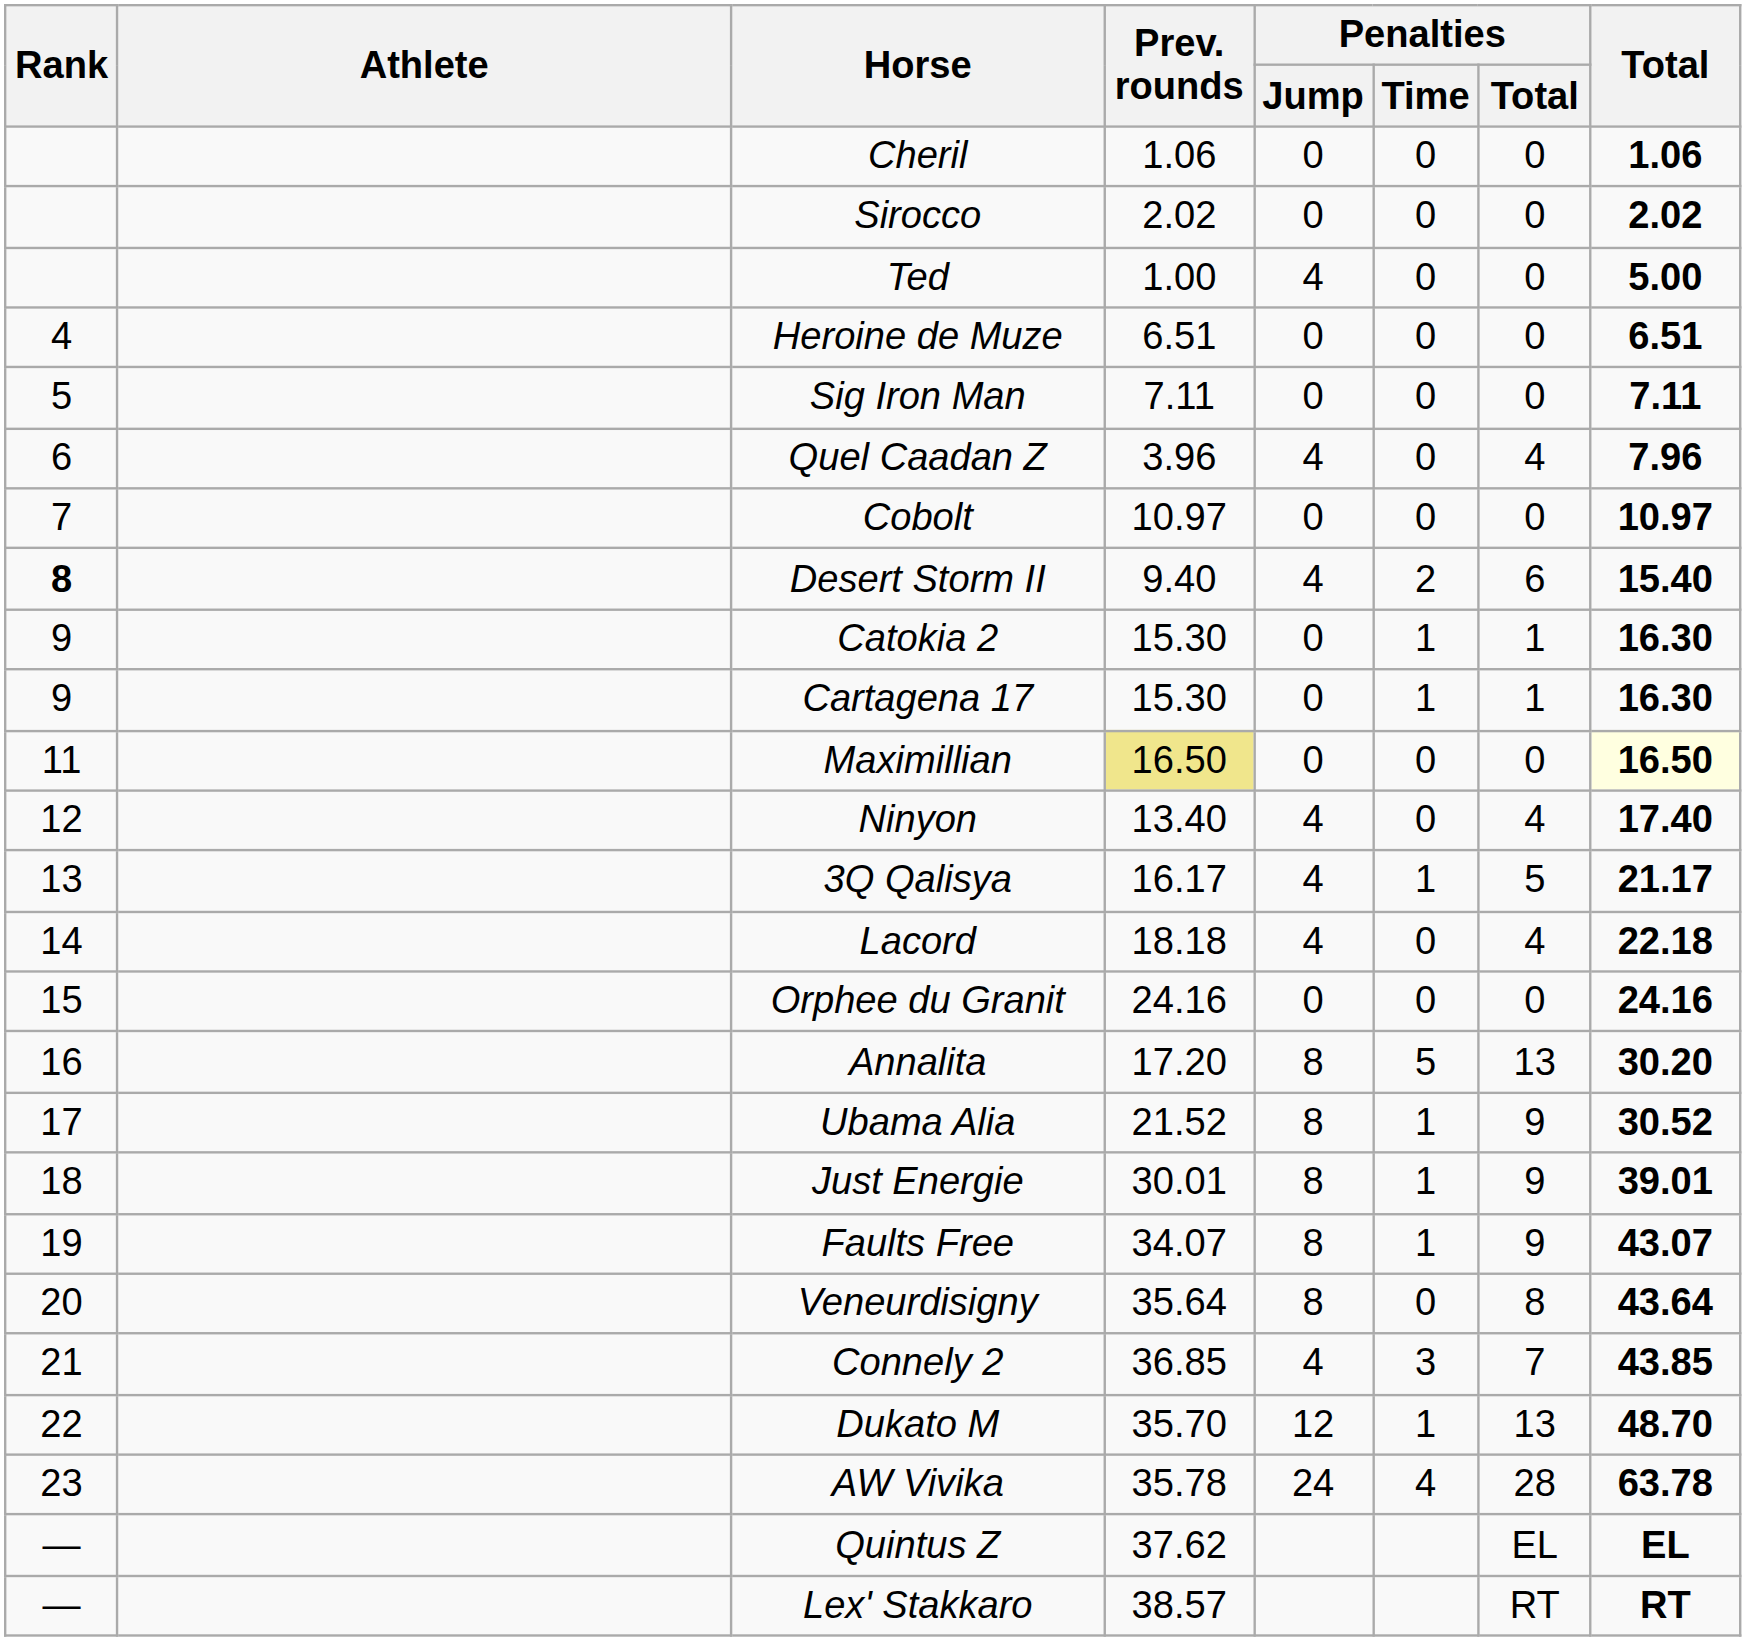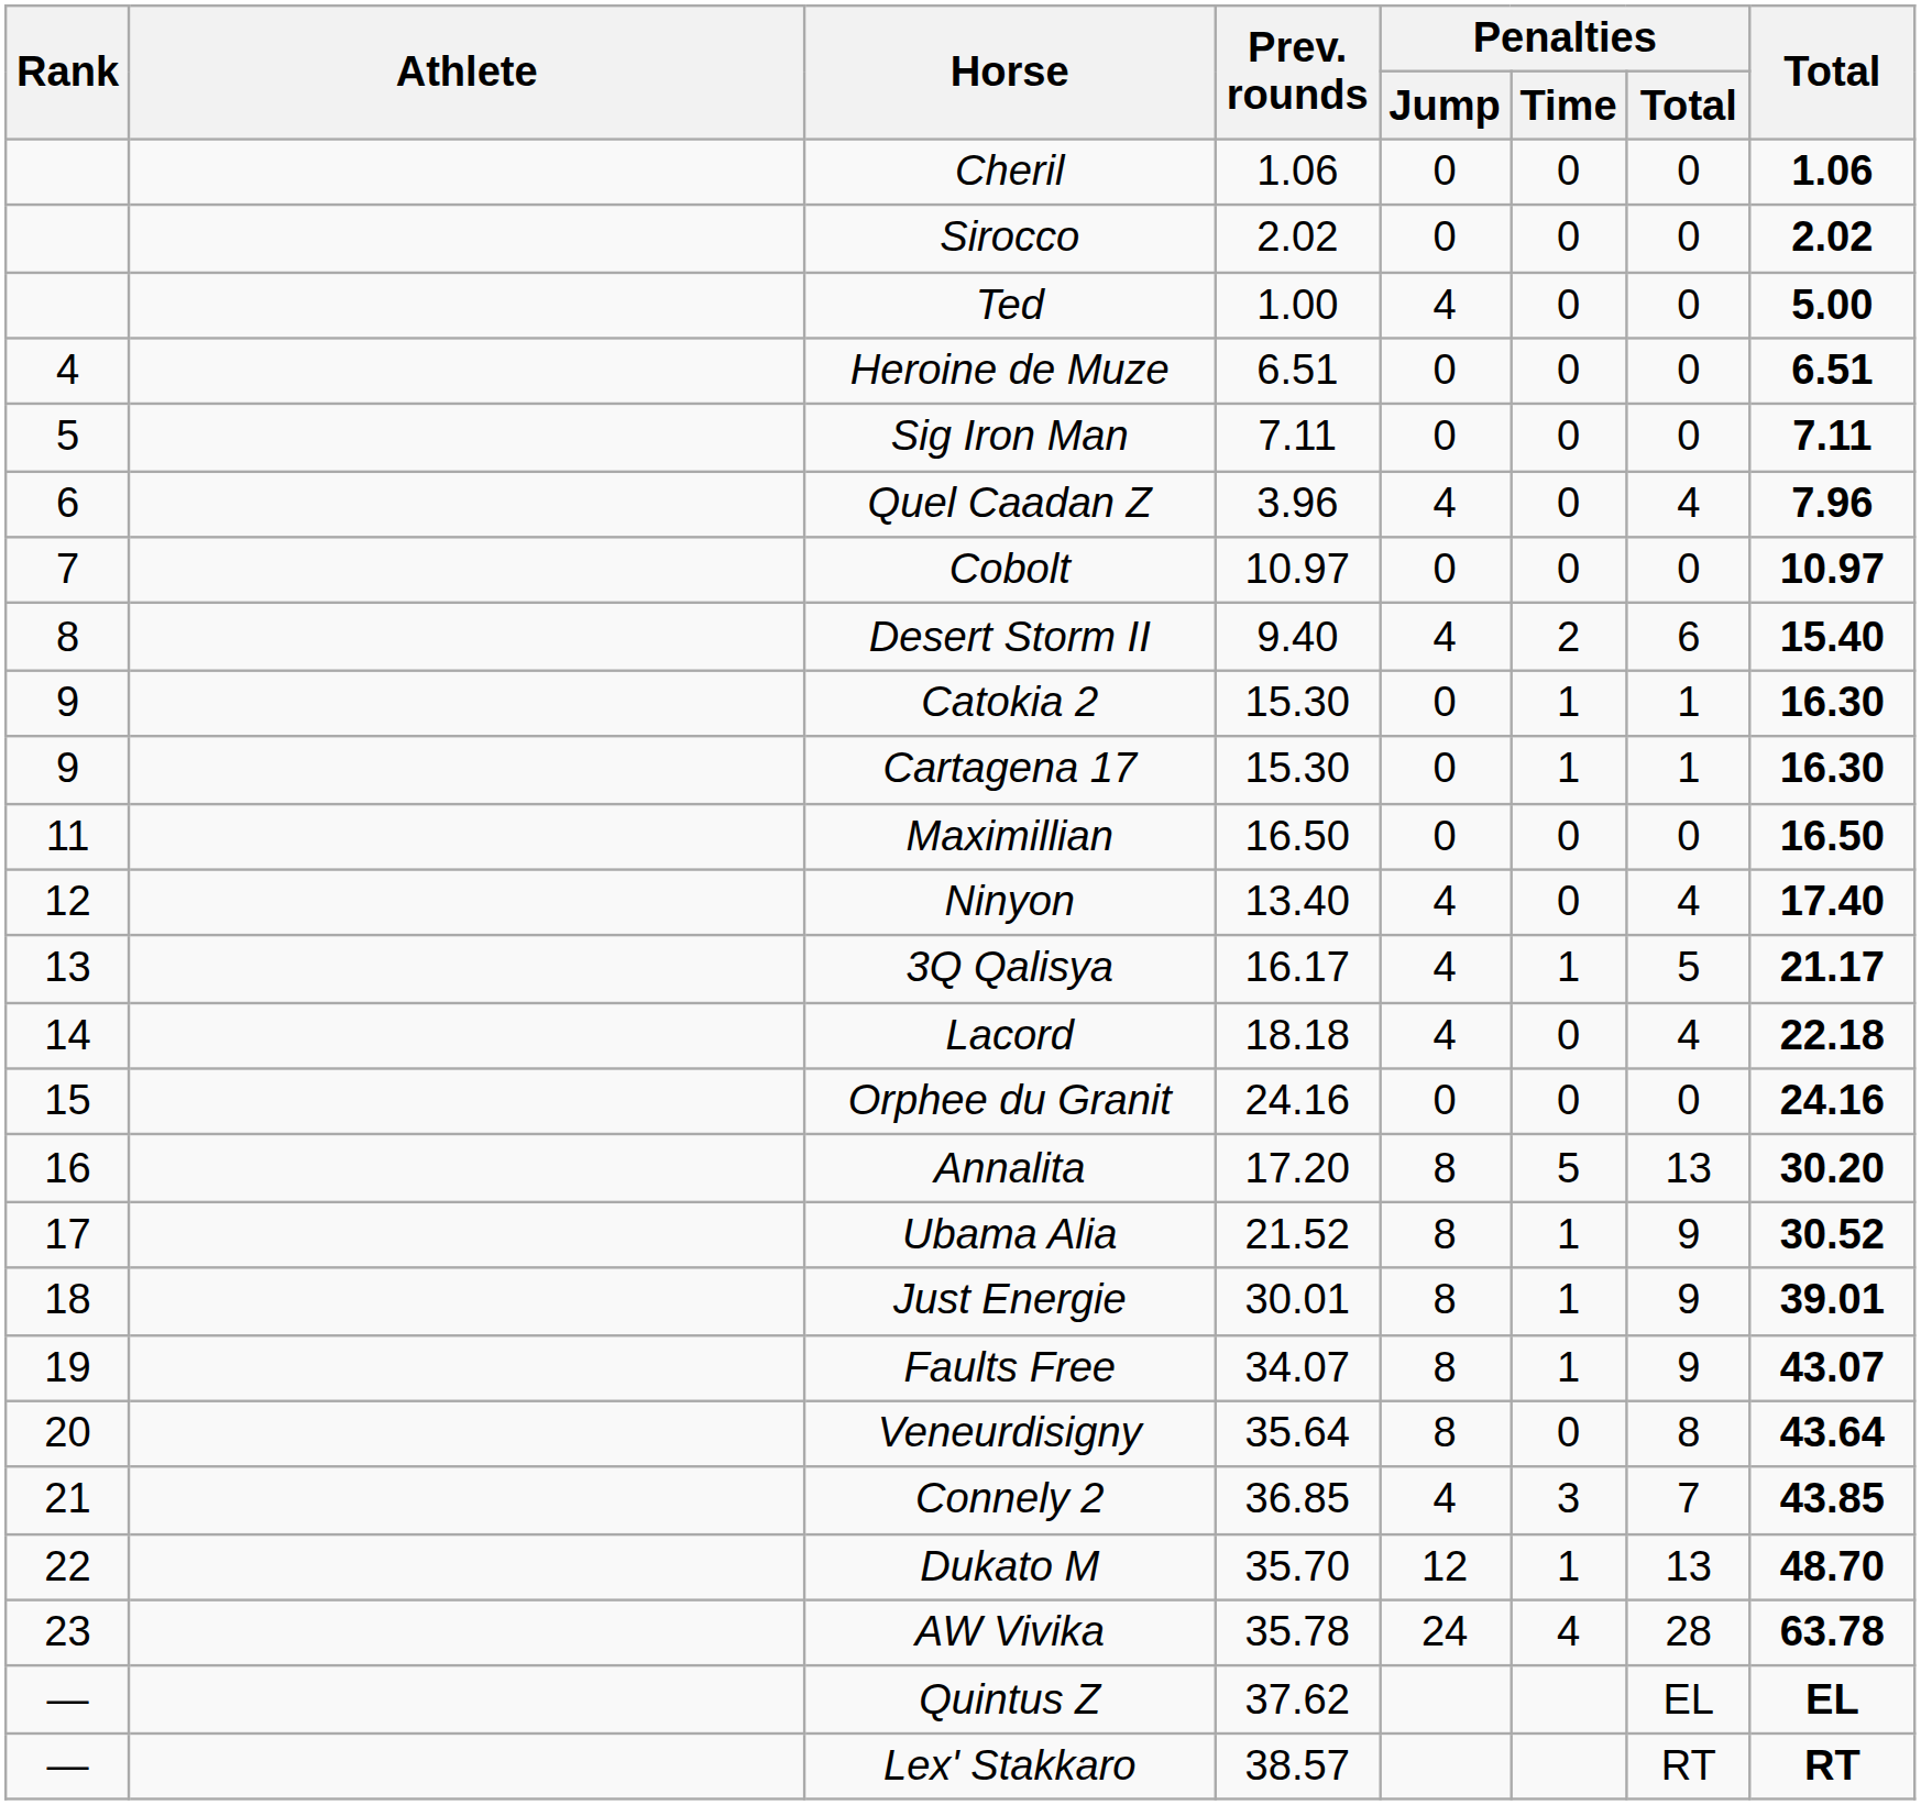 <table class="wikitable" style="text-align:center">
 <tr>
 <th rowspan=2 width=40>Rank</th>
 <th rowspan=2 width=250>Athlete</th>
 <th rowspan=2 width=150>Horse</th>
 <th rowspan=2 width=55>Prev. rounds</th>
 <th colspan=3>Penalties</th>
 <th rowspan=2 width=55>Total</th>
 </tr>
 <tr>
 <th width=35>Jump</th>
 <th width=35>Time</th>
 <th width=40>Total</th>
 </tr>
 <tr>
 <td></td>
 <td align=left></td>
 <td><em>Cheril</em></td>
 <td>1.06</td>
 <td>0</td>
 <td>0</td>
 <td>0</td>
 <td><strong>1.06</strong></td>
 </tr>
 <tr>
 <td></td>
 <td align=left></td>
 <td><em>Sirocco</em></td>
 <td>2.02</td>
 <td>0</td>
 <td>0</td>
 <td>0</td>
 <td><strong>2.02</strong></td>
 </tr>
 <tr>
 <td></td>
 <td align=left></td>
 <td><em>Ted</em></td>
 <td>1.00</td>
 <td>4</td>
 <td>0</td>
 <td>0</td>
 <td><strong>5.00</strong></td>
 </tr>
 <tr>
 <td>4</td>
 <td align=left></td>
 <td><em>Heroine de Muze</em></td>
 <td>6.51</td>
 <td>0</td>
 <td>0</td>
 <td>0</td>
 <td><strong>6.51</strong></td>
 </tr>
 <tr>
 <td>5</td>
 <td align=left></td>
 <td><em>Sig Iron Man</em></td>
 <td>7.11</td>
 <td>0</td>
 <td>0</td>
 <td>0</td>
 <td><strong>7.11</strong></td>
 </tr>
 <tr>
 <td>6</td>
 <td align=left></td>
 <td><em>Quel Caadan Z</em></td>
 <td>3.96</td>
 <td>4</td>
 <td>0</td>
 <td>4</td>
 <td><strong>7.96</strong></td>
 </tr>
 <tr>
 <td>7</td>
 <td align=left></td>
 <td><em>Cobolt</em></td>
 <td>10.97</td>
 <td>0</td>
 <td>0</td>
 <td>0</td>
 <td><strong>10.97</strong></td>
 </tr>
 <tr>
-<td><strong>8</strong></td>
+<td>8</td>
 <td align=left></td>
 <td><em>Desert Storm II</em></td>
 <td>9.40</td>
 <td>4</td>
 <td>2</td>
 <td>6</td>
 <td><strong>15.40</strong></td>
 </tr>
 <tr>
 <td>9</td>
 <td align=left></td>
 <td><em>Catokia 2</em></td>
 <td>15.30</td>
 <td>0</td>
 <td>1</td>
 <td>1</td>
 <td><strong>16.30</strong></td>
 </tr>
 <tr>
 <td>9</td>
 <td align=left></td>
 <td><em>Cartagena 17</em></td>
 <td>15.30</td>
 <td>0</td>
 <td>1</td>
 <td>1</td>
 <td><strong>16.30</strong></td>
 </tr>
 <tr>
 <td>11</td>
 <td align=left></td>
 <td><em>Maximillian</em></td>
-<td style="background: khaki;">16.50</td>
+<td>16.50</td>
 <td>0</td>
 <td>0</td>
 <td>0</td>
-<td style="background: lightyellow;"><strong>16.50</strong></td>
+<td><strong>16.50</strong></td>
 </tr>
 <tr>
 <td>12</td>
 <td align=left></td>
 <td><em>Ninyon</em></td>
 <td>13.40</td>
 <td>4</td>
 <td>0</td>
 <td>4</td>
 <td><strong>17.40</strong></td>
 </tr>
 <tr>
 <td>13</td>
 <td align=left></td>
 <td><em>3Q Qalisya</em></td>
 <td>16.17</td>
 <td>4</td>
 <td>1</td>
 <td>5</td>
 <td><strong>21.17</strong></td>
 </tr>
 <tr>
 <td>14</td>
 <td align=left></td>
 <td><em>Lacord</em></td>
 <td>18.18</td>
 <td>4</td>
 <td>0</td>
 <td>4</td>
 <td><strong>22.18</strong></td>
 </tr>
 <tr>
 <td>15</td>
 <td align=left></td>
 <td><em>Orphee du Granit</em></td>
 <td>24.16</td>
 <td>0</td>
 <td>0</td>
 <td>0</td>
 <td><strong>24.16</strong></td>
 </tr>
 <tr>
 <td>16</td>
 <td align=left></td>
 <td><em>Annalita</em></td>
 <td>17.20</td>
 <td>8</td>
 <td>5</td>
 <td>13</td>
 <td><strong>30.20</strong></td>
 </tr>
 <tr>
 <td>17</td>
 <td align=left></td>
 <td><em>Ubama Alia</em></td>
 <td>21.52</td>
 <td>8</td>
 <td>1</td>
 <td>9</td>
 <td><strong>30.52</strong></td>
 </tr>
 <tr>
 <td>18</td>
 <td align=left></td>
 <td><em>Just Energie</em></td>
 <td>30.01</td>
 <td>8</td>
 <td>1</td>
 <td>9</td>
 <td><strong>39.01</strong></td>
 </tr>
 <tr>
 <td>19</td>
 <td align=left></td>
 <td><em>Faults Free</em></td>
 <td>34.07</td>
 <td>8</td>
 <td>1</td>
 <td>9</td>
 <td><strong>43.07</strong></td>
 </tr>
 <tr>
 <td>20</td>
 <td align=left></td>
 <td><em>Veneurdisigny</em></td>
 <td>35.64</td>
 <td>8</td>
 <td>0</td>
 <td>8</td>
 <td><strong>43.64</strong></td>
 </tr>
 <tr>
 <td>21</td>
 <td align=left></td>
 <td><em>Connely 2</em></td>
 <td>36.85</td>
 <td>4</td>
 <td>3</td>
 <td>7</td>
 <td><strong>43.85</strong></td>
 </tr>
 <tr>
 <td>22</td>
 <td align=left></td>
 <td><em>Dukato M</em></td>
 <td>35.70</td>
 <td>12</td>
 <td>1</td>
 <td>13</td>
 <td><strong>48.70</strong></td>
 </tr>
 <tr>
 <td>23</td>
 <td align=left></td>
 <td><em>AW Vivika</em></td>
 <td>35.78</td>
 <td>24</td>
 <td>4</td>
 <td>28</td>
 <td><strong>63.78</strong></td>
 </tr>
 <tr>
 <td>—</td>
 <td align=left></td>
 <td><em>Quintus Z</em></td>
 <td>37.62</td>
 <td></td>
 <td></td>
 <td>EL</td>
 <td><strong>EL</strong></td>
 </tr>
 <tr>
 <td>—</td>
 <td align=left></td>
 <td><em>Lex' Stakkaro</em></td>
 <td>38.57</td>
 <td></td>
 <td></td>
 <td>RT</td>
 <td><strong>RT</strong></td>
 </tr>
 </table>
